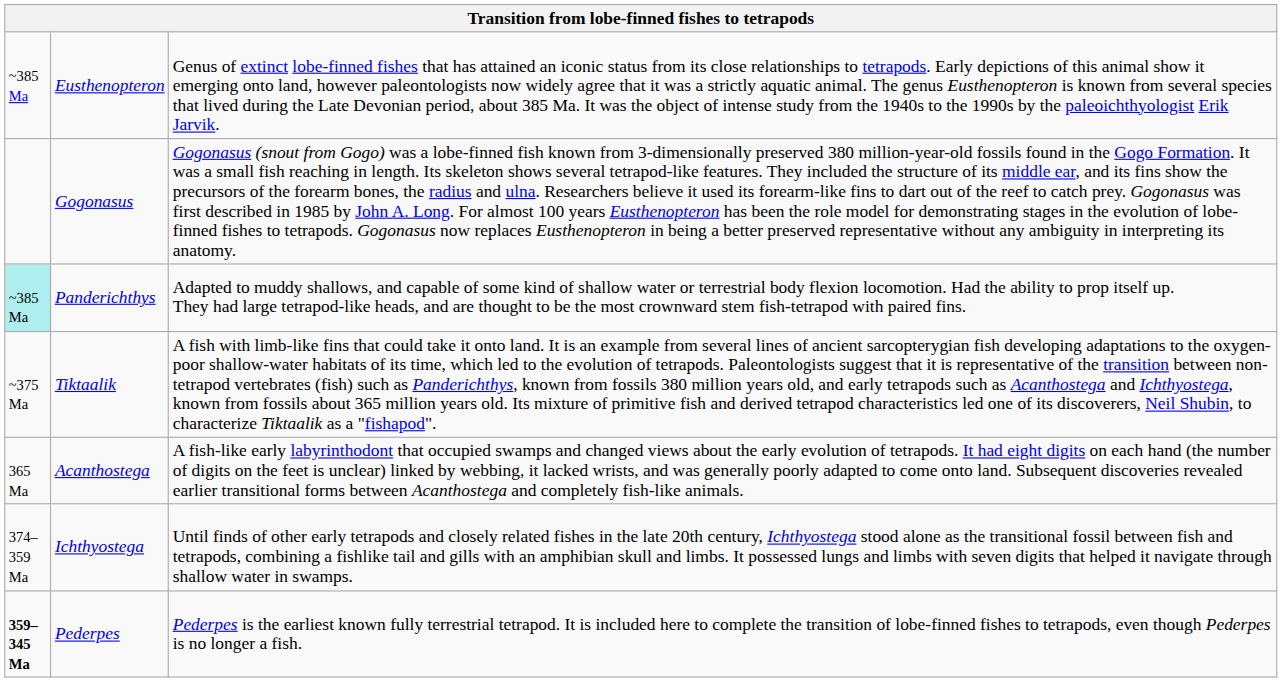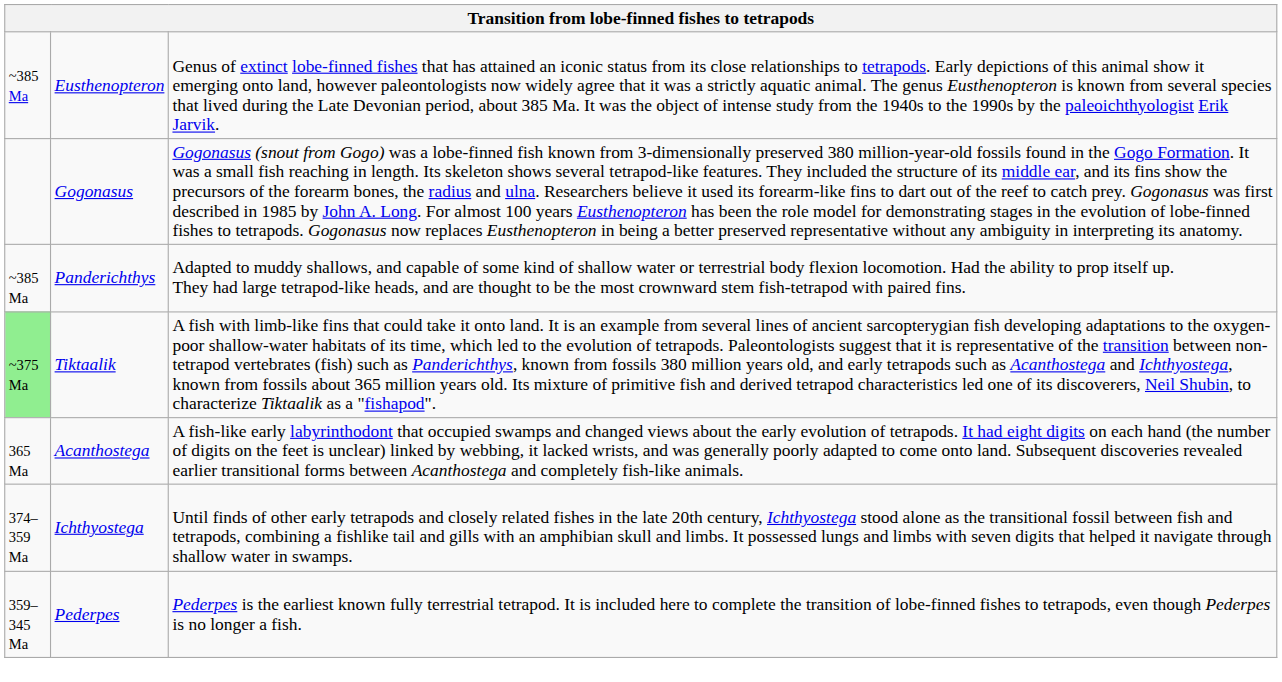 <table class="wikitable" style="clear: both; margin-left: 5em">
 <tr>
 <th colspan=4>Transition from lobe-finned fishes to tetrapods</th>
 </tr>
 <tr>
 <td><small>~385 <a href='#'>Ma</a></small></td>
 <td><em><a href='#'>Eusthenopteron</a></em></td>
 <td><br>Genus of <a href='#'>extinct</a> <a href='#'>lobe-finned fishes</a> that has attained an iconic status from its close relationships to <a href='#'>tetrapods</a>. Early depictions of this animal show it emerging onto land, however paleontologists now widely agree that it was a strictly aquatic animal. The genus <em>Eusthenopteron</em> is known from several species that lived during the Late Devonian period, about 385 Ma. It was the object of intense study from the 1940s to the 1990s by the <a href='#'>paleoichthyologist</a> <a href='#'>Erik Jarvik</a>.</td>
 </tr>
 <tr>
 <td></td>
 <td><em><a href='#'>Gogonasus</a></em></td>
 <td><em><a href='#'>Gogonasus</a> (snout from Gogo)</em> was a lobe-finned fish known from 3-dimensionally preserved 380 million-year-old fossils found in the <a href='#'>Gogo Formation</a>. It was a small fish reaching  in length. Its skeleton shows several tetrapod-like features. They included the structure of its <a href='#'>middle ear</a>, and its fins show the precursors of the forearm bones, the <a href='#'>radius</a> and <a href='#'>ulna</a>. Researchers believe it used its forearm-like fins to dart out of the reef to catch prey. <em>Gogonasus</em> was first described in 1985 by <a href='#'>John A. Long</a>. For almost 100 years <em><a href='#'>Eusthenopteron</a></em> has been the role model for demonstrating stages in the evolution of lobe-finned fishes to tetrapods. <em>Gogonasus</em> now replaces <em>Eusthenopteron</em> in being a better preserved representative without any ambiguity in interpreting its anatomy.</td>
 </tr>
 <tr>
-<td style="background: paleturquoise;"><br><small>~385 Ma</small></td>
+<td><br><small>~385 Ma</small></td>
 <td><em><a href='#'>Panderichthys</a></em></td>
 <td>Adapted to muddy shallows, and capable of some kind of shallow water or terrestrial body flexion locomotion. Had the ability to prop itself up.<br> They had large tetrapod-like heads, and are thought to be the most crownward stem fish-tetrapod with paired fins.</td>
 </tr>
 <tr>
-<td><br><small>~375 Ma</small></td>
+<td style="background: lightgreen;"><br><small>~375 Ma</small></td>
 <td><em><a href='#'>Tiktaalik</a></em></td>
 <td>A fish with limb-like fins that could take it onto land. It is an example from several lines of ancient sarcopterygian fish developing adaptations to the oxygen-poor shallow-water habitats of its time, which led to the evolution of tetrapods. Paleontologists suggest that it is representative of the <a href='#'>transition</a> between non-tetrapod vertebrates (fish) such as <em><a href='#'>Panderichthys</a></em>, known from fossils 380 million years old, and early tetrapods such as <em><a href='#'>Acanthostega</a></em> and <em><a href='#'>Ichthyostega</a></em>, known from fossils about 365 million years old. Its mixture of primitive fish and derived tetrapod characteristics led one of its discoverers, <a href='#'>Neil Shubin</a>, to characterize <em>Tiktaalik</em> as a "<a href='#'>fishapod</a>".</td>
 </tr>
 <tr>
 <td><br><small>365 Ma</small></td>
 <td><em><a href='#'>Acanthostega</a></em></td>
 <td>A fish-like early <a href='#'>labyrinthodont</a> that occupied swamps and changed views about the early evolution of tetrapods. <a href='#'>It had eight digits</a> on each hand (the number of digits on the feet is unclear) linked by webbing, it lacked wrists, and was generally poorly adapted to come onto land. Subsequent discoveries revealed earlier transitional forms between <em>Acanthostega</em> and completely fish-like animals.</td>
 </tr>
 <tr>
 <td><br><small>374–359 Ma</small></td>
 <td><em><a href='#'>Ichthyostega</a></em></td>
 <td><br>Until finds of other early tetrapods and closely related fishes in the late 20th century, <em><a href='#'>Ichthyostega</a></em> stood alone as the transitional fossil between fish and tetrapods, combining a fishlike tail and gills with an amphibian skull and limbs. It possessed lungs and limbs with seven digits that helped it navigate through shallow water in swamps.</td>
 </tr>
 <tr>
-<td><strong><br><small>359–345 Ma</small></strong></td>
+<td><br><small>359–345 Ma</small></td>
 <td><em><a href='#'>Pederpes</a></em></td>
 <td><em><a href='#'>Pederpes</a></em> is the earliest known fully terrestrial tetrapod. It is included here to complete the transition of lobe-finned fishes to tetrapods, even though <em>Pederpes</em> is no longer a fish.</td>
 </tr>
 </table>
